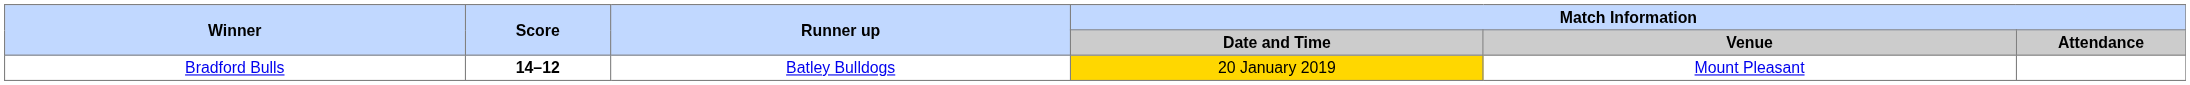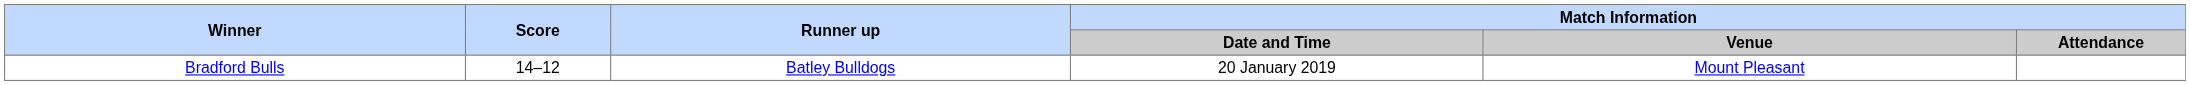 <table border=1 style="border-collapse:collapse; font-size:90%; text-align:center;" cellpadding=3 cellspacing=0 width=100%>
 <tr bgcolor=#C1D8FF>
 <th rowspan=2 width=19%>Winner</th>
 <th rowspan=2 width=6%>Score</th>
 <th rowspan=2 width=19%>Runner up</th>
 <th colspan=4>Match Information</th>
 </tr>
 <tr bgcolor=#CCCCCC>
 <th width=17%>Date and Time</th>
 <th width=22%>Venue</th>
 <th width=7%>Attendance</th>
 </tr>
 <tr>
 <td> <a href='#'>Bradford Bulls</a></td>
-<td><strong>14–12</strong></td>
+<td>14–12</td>
 <td> <a href='#'>Batley Bulldogs</a></td>
-<td style="background: gold;">20 January 2019</td>
+<td>20 January 2019</td>
 <td><a href='#'>Mount Pleasant</a></td>
 <td></td>
 </tr>
 </table>
